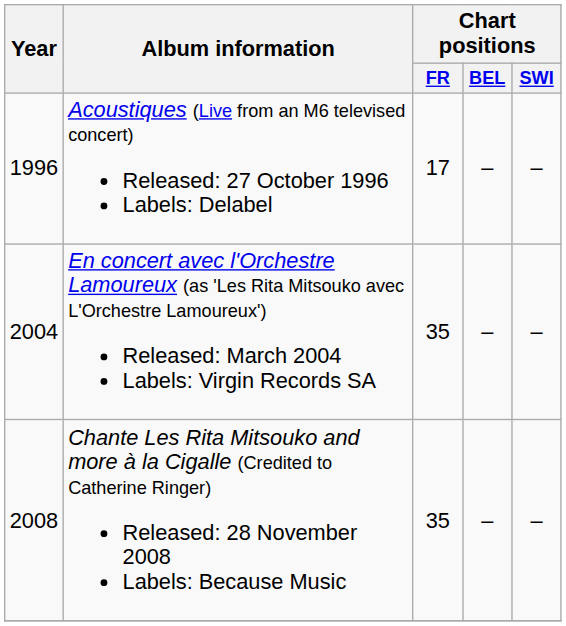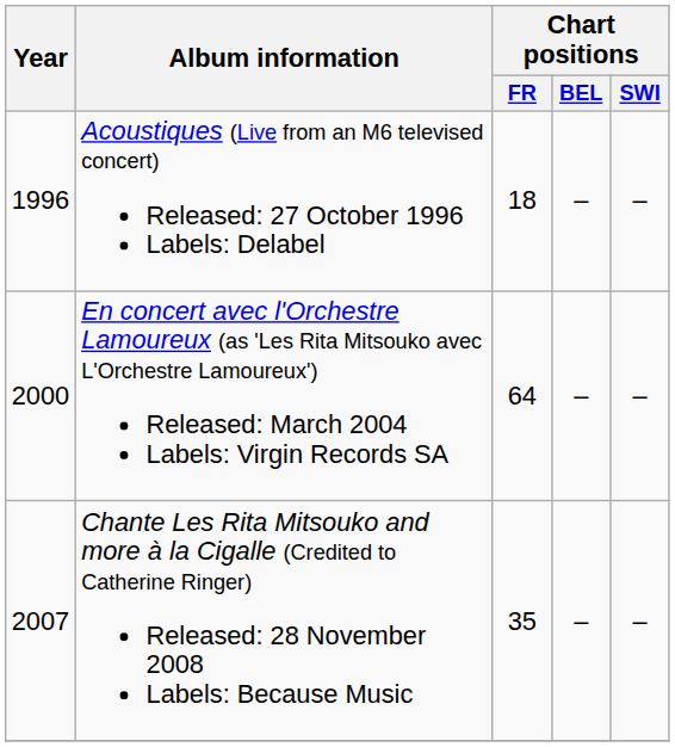 <table class="wikitable" style=text-align:center;>
 <tr>
 <th rowspan="2" width=10>Year</th>
 <th rowspan="2" width="250">Album information</th>
 <th colspan="3">Chart positions</th>
 </tr>
 <tr style="font-size:smaller;">
 <th width="30"><a href='#'>FR</a> <br></th>
 <th width="30"><a href='#'>BEL</a></th>
 <th width="30"><a href='#'>SWI</a></th>
 </tr>
 <tr>
 <td>1996</td>
 <td align=left><em><a href='#'>Acoustiques</a></em> <small>(<a href='#'>Live</a> from an M6 televised concert)</small><br><ul><li>Released: 27 October 1996</li><li>Labels: Delabel</li></ul></td>
-<td>17</td>
+<td>18</td>
 <td>–</td>
 <td>–</td>
 </tr>
 <tr>
-<td>2004</td>
+<td>2000</td>
 <td align=left><em><a href='#'>En concert avec l'Orchestre Lamoureux</a></em> <small>(as 'Les Rita Mitsouko avec L'Orchestre Lamoureux')</small><br><ul><li>Released: March 2004</li><li>Labels: Virgin Records SA</li></ul></td>
-<td>35</td>
+<td>64</td>
 <td>–</td>
 <td>–</td>
 </tr>
 <tr>
-<td>2008</td>
+<td>2007</td>
 <td align=left><em>Chante Les Rita Mitsouko and more à la Cigalle</em> <small>(Credited to Catherine Ringer)</small><br><ul><li>Released: 28 November 2008</li><li>Labels: Because Music</li></ul></td>
 <td>35</td>
 <td>–</td>
 <td>–</td>
 </tr>
 <tr>
 </tr>
 </table>
